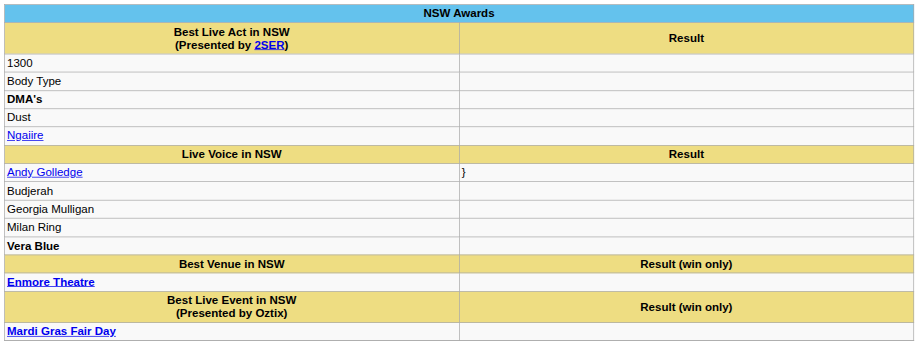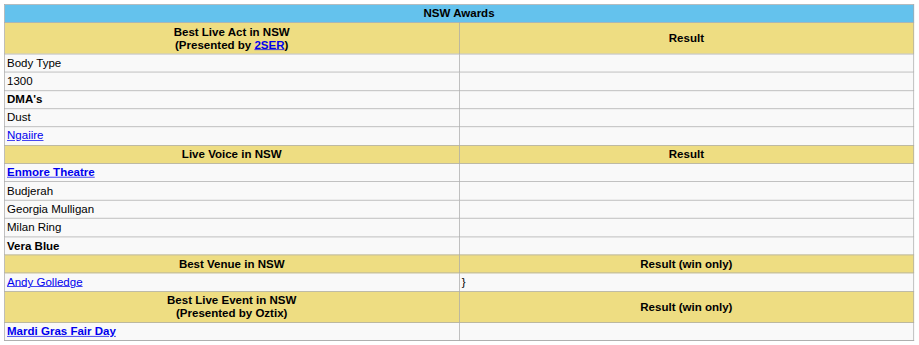 <table class="wikitable" width=100%>
 <tr>
 <th colspan="2" ! style="width:15%;background:#64C2ED">NSW Awards</th>
 </tr>
 <tr>
 <th style="width:10%;background:#EEDD82;">Best Live Act in NSW <br> (Presented by <a href='#'>2SER</a>)</th>
 <th style="width:10%;background:#EEDD82;">Result</th>
 </tr>
 <tr>
-<td>1300</td>
+<td>Body Type</td>
 <td></td>
 </tr>
 <tr>
-<td>Body Type</td>
+<td>1300</td>
 <td></td>
 </tr>
 <tr>
 <td><strong>DMA's</strong></td>
 <td></td>
 </tr>
 <tr>
 <td>Dust</td>
 <td></td>
 </tr>
 <tr>
 <td><a href='#'>Ngaiire</a></td>
 <td></td>
 </tr>
 <tr>
 <th style="width:10%;background:#EEDD82;">Live Voice in NSW</th>
 <th style="width:10%;background:#EEDD82;">Result</th>
 </tr>
 <tr>
-<td><a href='#'>Andy Golledge</a></td>
-<td>}</td>
+<td><strong><a href='#'>Enmore Theatre</a></strong></td>
+<td></td>
 </tr>
 <tr>
 <td>Budjerah</td>
 <td></td>
 </tr>
 <tr>
 <td>Georgia Mulligan</td>
 <td></td>
 </tr>
 <tr>
 <td>Milan Ring</td>
 <td></td>
 </tr>
 <tr>
 <td><strong>Vera Blue</strong></td>
 <td></td>
 </tr>
 <tr>
 <th style="width:10%;background:#EEDD82;">Best Venue in NSW</th>
 <th style="width:10%;background:#EEDD82;">Result (win only)</th>
 </tr>
 <tr>
-<td><strong><a href='#'>Enmore Theatre</a></strong></td>
-<td></td>
+<td><a href='#'>Andy Golledge</a></td>
+<td>}</td>
 </tr>
 <tr>
 <th style="width:10%;background:#EEDD82;">Best Live Event in NSW <br> (Presented by Oztix)</th>
 <th style="width:10%;background:#EEDD82;">Result (win only)</th>
 </tr>
 <tr>
 <td><strong><a href='#'>Mardi Gras Fair Day</a></strong></td>
 <td></td>
 </tr>
 <tr>
 </tr>
 </table>
